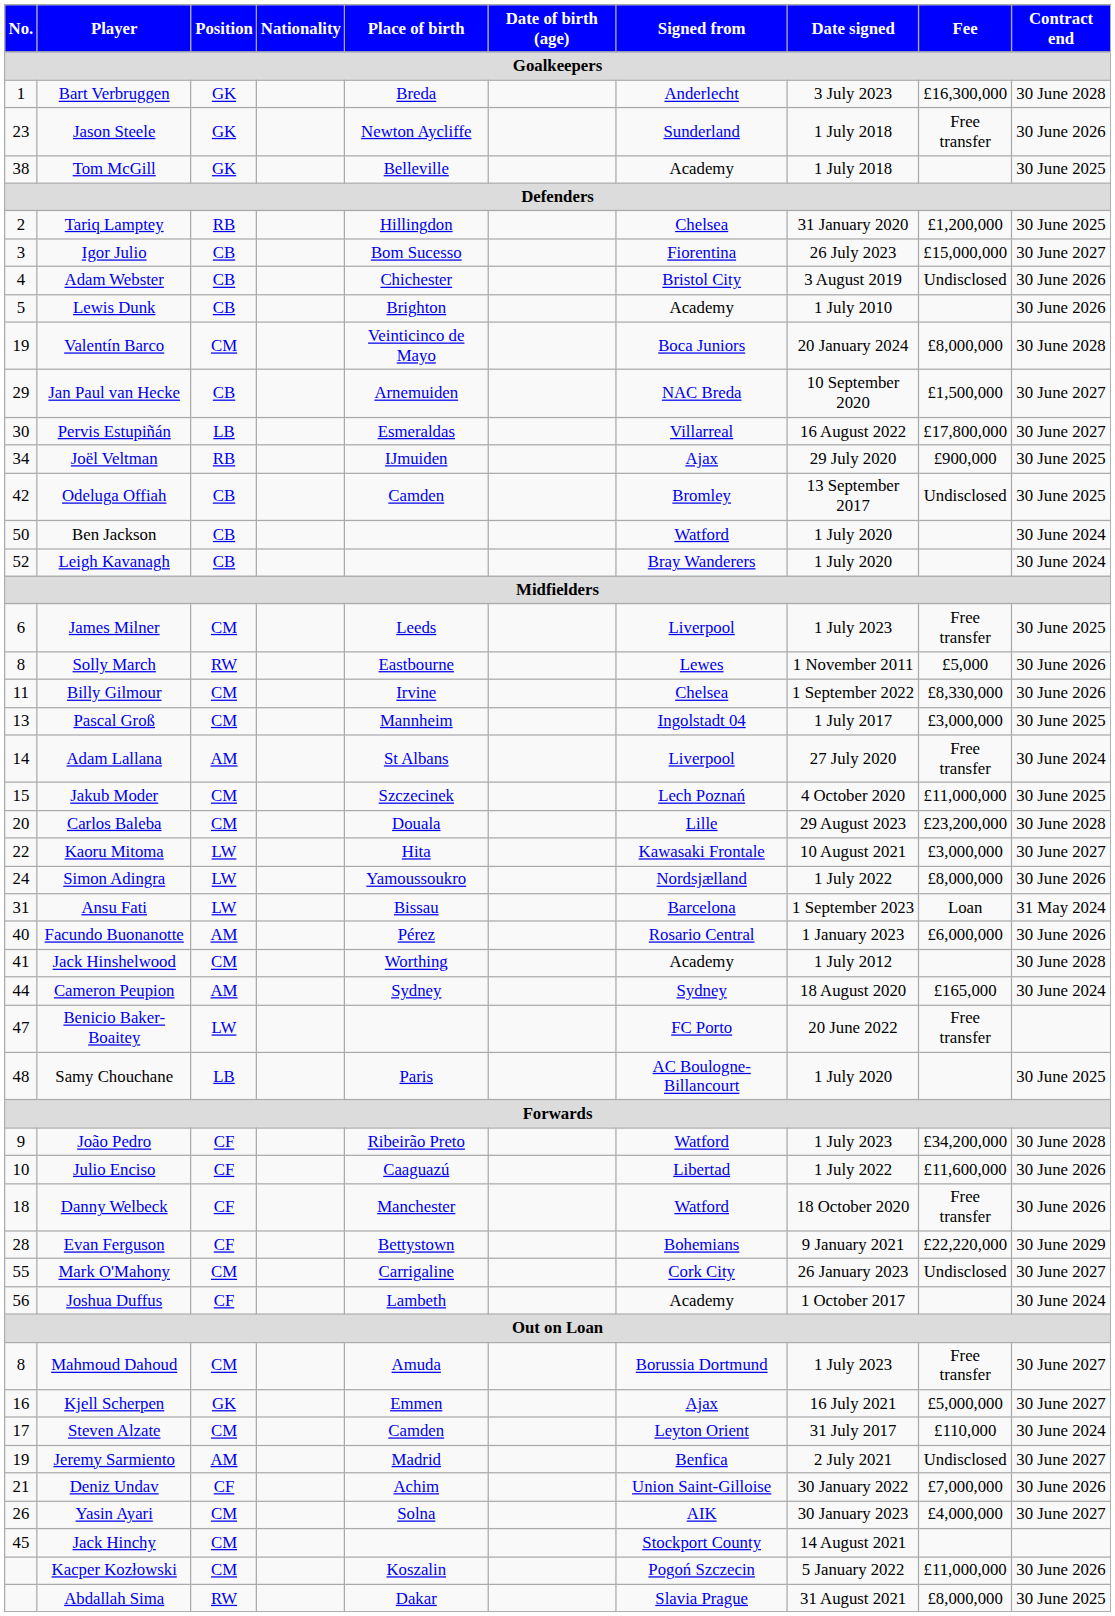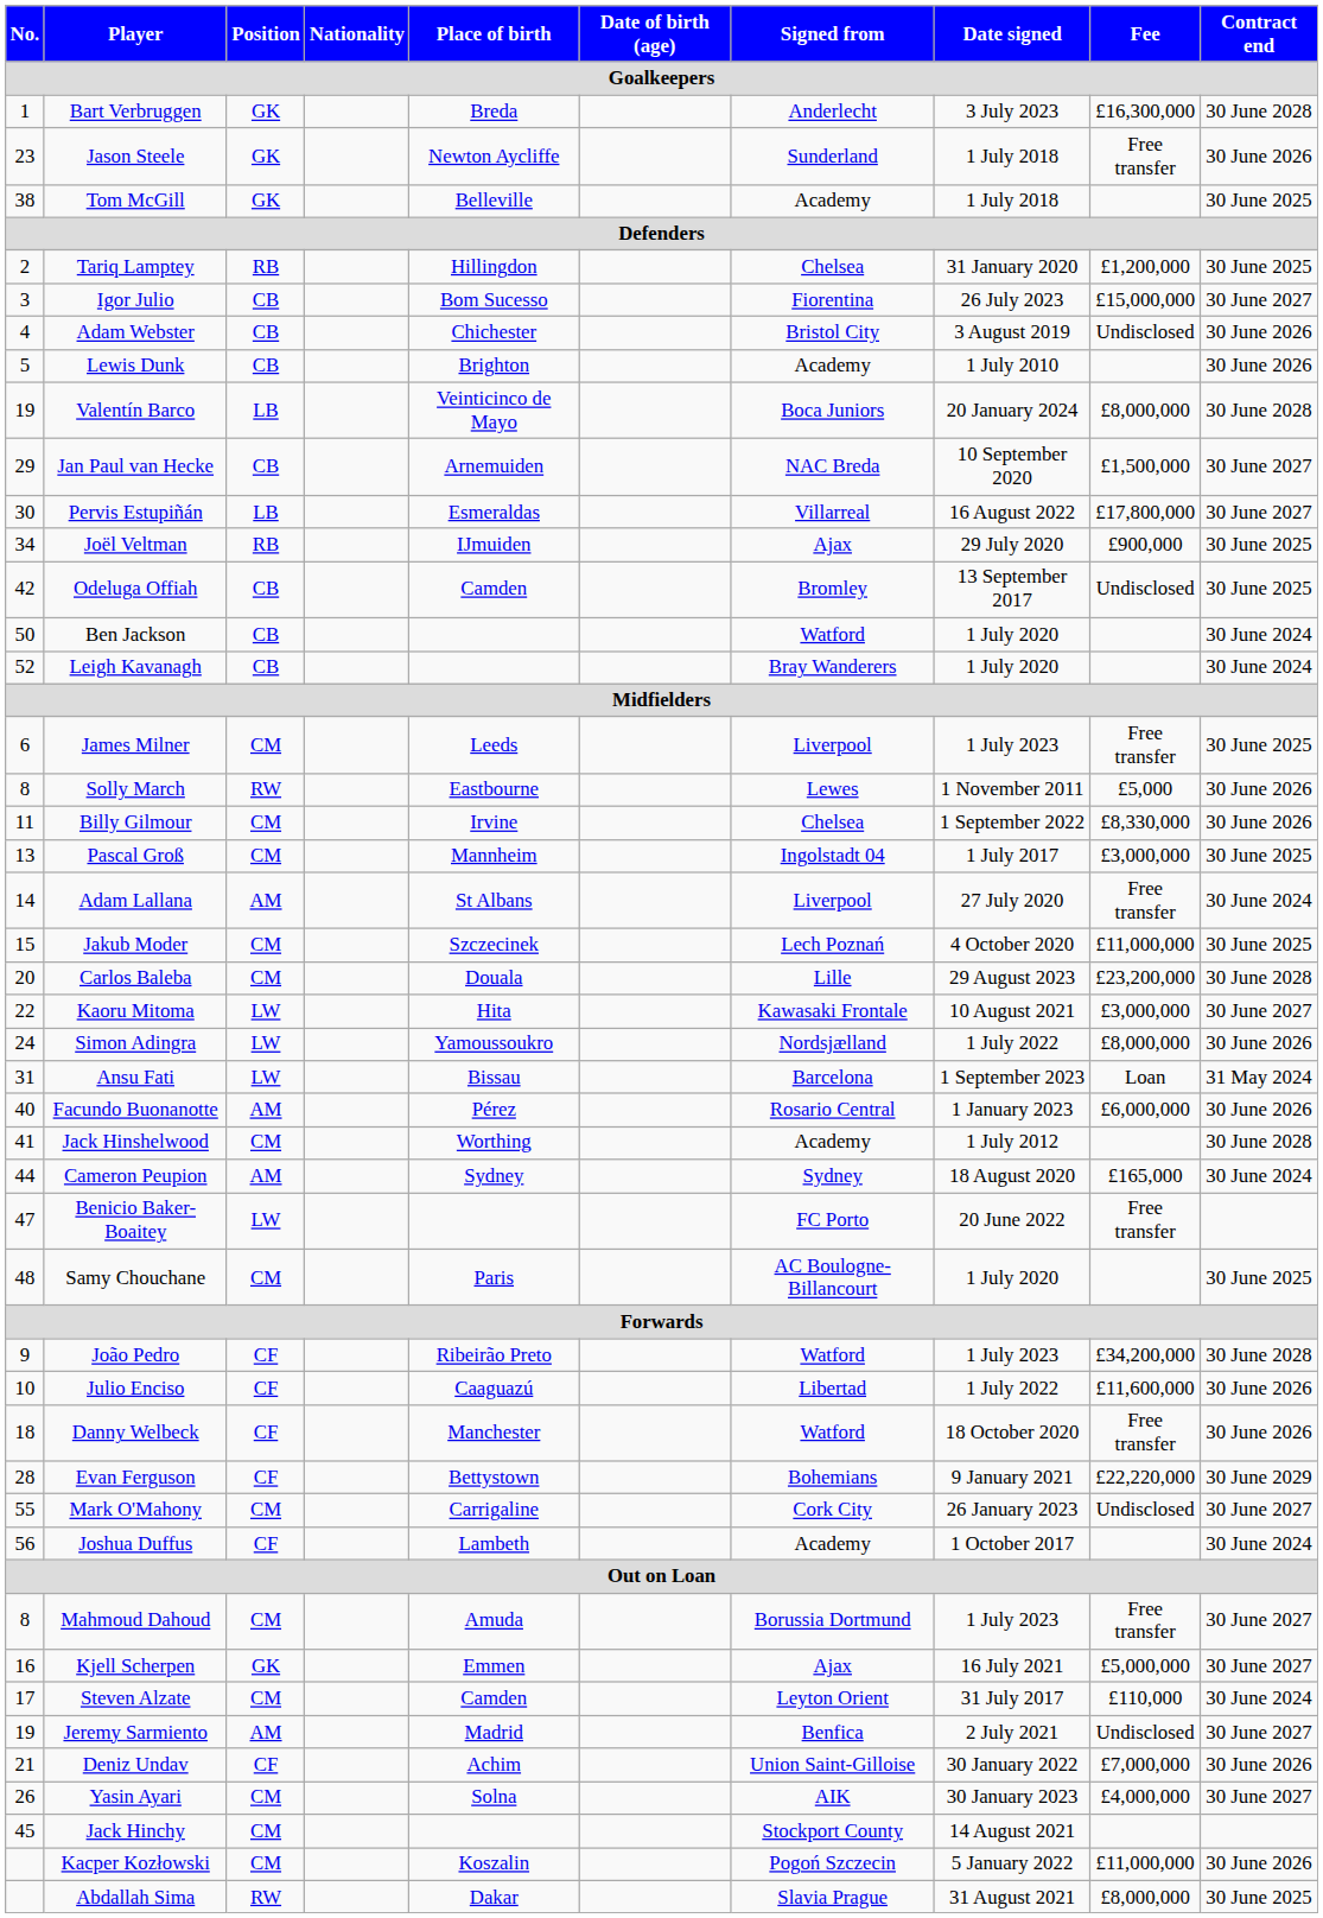 <table class="wikitable" style="text-align:center; font-size:84.5%; width:101%;">
 <tr>
 <th style="color:white; background:#00f; text-align:center;">No.</th>
 <th style="color:white; background:#00f; text-align:center;">Player</th>
 <th style="color:white; background:#00f; text-align:center;">Position</th>
 <th style="color:white; background:#00f; text-align:center;">Nationality</th>
 <th style="color:white; background:#00f; text-align:center;">Place of birth</th>
 <th style="color:white; background:#00f; text-align:center;">Date of birth (age)</th>
 <th style="color:white; background:#00f; text-align:center;">Signed from</th>
 <th style="color:white; background:#00f; text-align:center;">Date signed</th>
 <th style="color:white; background:#00f; text-align:center;">Fee</th>
 <th style="color:white; background:#00f; text-align:center;">Contract end</th>
 </tr>
 <tr>
 <th colspan="14" style="background:#dcdcdc; tepxt-align:center;">Goalkeepers</th>
 </tr>
 <tr>
 <td>1</td>
 <td><a href='#'>Bart Verbruggen</a></td>
 <td><a href='#'>GK</a></td>
 <td></td>
 <td><a href='#'>Breda</a></td>
 <td></td>
 <td> <a href='#'>Anderlecht</a></td>
 <td>3 July 2023</td>
 <td>£16,300,000</td>
 <td>30 June 2028</td>
 </tr>
 <tr>
 <td>23</td>
 <td><a href='#'>Jason Steele</a></td>
 <td><a href='#'>GK</a></td>
 <td></td>
 <td><a href='#'>Newton Aycliffe</a></td>
 <td></td>
 <td><a href='#'>Sunderland</a></td>
 <td>1 July 2018</td>
 <td>Free transfer</td>
 <td>30 June 2026</td>
 </tr>
 <tr>
 <td>38</td>
 <td><a href='#'>Tom McGill</a></td>
 <td><a href='#'>GK</a></td>
 <td></td>
 <td><a href='#'>Belleville</a></td>
 <td></td>
 <td>Academy</td>
 <td>1 July 2018</td>
 <td></td>
 <td>30 June 2025</td>
 </tr>
 <tr>
 <th colspan="14" style="background:#dcdcdc; tepxt-align:center;">Defenders</th>
 </tr>
 <tr>
 <td>2</td>
 <td><a href='#'>Tariq Lamptey</a></td>
 <td><a href='#'>RB</a></td>
 <td></td>
 <td><a href='#'>Hillingdon</a></td>
 <td></td>
 <td><a href='#'>Chelsea</a></td>
 <td>31 January 2020</td>
 <td>£1,200,000</td>
 <td>30 June 2025</td>
 </tr>
 <tr>
 <td>3</td>
 <td><a href='#'>Igor Julio</a></td>
 <td><a href='#'>CB</a></td>
 <td></td>
 <td><a href='#'>Bom Sucesso</a></td>
 <td></td>
 <td> <a href='#'>Fiorentina</a></td>
 <td>26 July 2023</td>
 <td>£15,000,000</td>
 <td>30 June 2027</td>
 </tr>
 <tr>
 <td>4</td>
 <td><a href='#'>Adam Webster</a></td>
 <td><a href='#'>CB</a></td>
 <td></td>
 <td><a href='#'>Chichester</a></td>
 <td></td>
 <td><a href='#'>Bristol City</a></td>
 <td>3 August 2019</td>
 <td>Undisclosed</td>
 <td>30 June 2026</td>
 </tr>
 <tr>
 <td>5</td>
 <td><a href='#'>Lewis Dunk</a></td>
 <td><a href='#'>CB</a></td>
 <td></td>
 <td><a href='#'>Brighton</a></td>
 <td></td>
 <td>Academy</td>
 <td>1 July 2010</td>
 <td></td>
 <td>30 June 2026</td>
 </tr>
 <tr>
 <td>19</td>
 <td><a href='#'>Valentín Barco</a></td>
-<td><a href='#'>CM</a></td>
+<td><a href='#'>LB</a></td>
 <td></td>
 <td><a href='#'>Veinticinco de Mayo</a></td>
 <td></td>
 <td> <a href='#'>Boca Juniors</a></td>
 <td>20 January 2024</td>
 <td>£8,000,000</td>
 <td>30 June 2028</td>
 </tr>
 <tr>
 <td>29</td>
 <td><a href='#'>Jan Paul van Hecke</a></td>
 <td><a href='#'>CB</a></td>
 <td></td>
 <td><a href='#'>Arnemuiden</a></td>
 <td></td>
 <td> <a href='#'>NAC Breda</a></td>
 <td>10 September 2020</td>
 <td>£1,500,000</td>
 <td>30 June 2027</td>
 </tr>
 <tr>
 <td>30</td>
 <td><a href='#'>Pervis Estupiñán</a></td>
 <td><a href='#'>LB</a></td>
 <td></td>
 <td><a href='#'>Esmeraldas</a></td>
 <td></td>
 <td> <a href='#'>Villarreal</a></td>
 <td>16 August 2022</td>
 <td>£17,800,000</td>
 <td>30 June 2027</td>
 </tr>
 <tr>
 <td>34</td>
 <td><a href='#'>Joël Veltman</a></td>
 <td><a href='#'>RB</a></td>
 <td></td>
 <td><a href='#'>IJmuiden</a></td>
 <td></td>
 <td> <a href='#'>Ajax</a></td>
 <td>29 July 2020</td>
 <td>£900,000</td>
 <td>30 June 2025</td>
 </tr>
 <tr>
 <td>42</td>
 <td><a href='#'>Odeluga Offiah</a></td>
 <td><a href='#'>CB</a></td>
 <td></td>
 <td><a href='#'>Camden</a></td>
 <td></td>
 <td> <a href='#'>Bromley</a></td>
 <td>13 September 2017</td>
 <td>Undisclosed</td>
 <td>30 June 2025</td>
 </tr>
 <tr>
 <td>50</td>
 <td>Ben Jackson</td>
 <td><a href='#'>CB</a></td>
 <td></td>
 <td></td>
 <td></td>
 <td> <a href='#'>Watford</a></td>
 <td>1 July 2020</td>
 <td></td>
 <td>30 June 2024</td>
 </tr>
 <tr>
 <td>52</td>
 <td><a href='#'>Leigh Kavanagh</a></td>
 <td><a href='#'>CB</a></td>
 <td></td>
 <td></td>
 <td></td>
 <td> <a href='#'>Bray Wanderers</a></td>
 <td>1 July 2020</td>
 <td></td>
 <td>30 June 2024</td>
 </tr>
 <tr>
 <th colspan="14" style="background:#dcdcdc; tepxt-align:center;">Midfielders</th>
 </tr>
 <tr>
 <td>6</td>
 <td><a href='#'>James Milner</a></td>
 <td><a href='#'>CM</a></td>
 <td></td>
 <td><a href='#'>Leeds</a></td>
 <td></td>
 <td><a href='#'>Liverpool</a></td>
 <td>1 July 2023</td>
 <td>Free transfer</td>
 <td>30 June 2025</td>
 </tr>
 <tr>
 <td>8</td>
 <td><a href='#'>Solly March</a></td>
 <td><a href='#'>RW</a></td>
 <td></td>
 <td><a href='#'>Eastbourne</a></td>
 <td></td>
 <td><a href='#'>Lewes</a></td>
 <td>1 November 2011</td>
 <td>£5,000</td>
 <td>30 June 2026</td>
 </tr>
 <tr>
 <td>11</td>
 <td><a href='#'>Billy Gilmour</a></td>
 <td><a href='#'>CM</a></td>
 <td></td>
 <td><a href='#'>Irvine</a></td>
 <td></td>
 <td><a href='#'>Chelsea</a></td>
 <td>1 September 2022</td>
 <td>£8,330,000</td>
 <td>30 June 2026</td>
 </tr>
 <tr>
 <td>13</td>
 <td><a href='#'>Pascal Groß</a></td>
 <td><a href='#'>CM</a></td>
 <td></td>
 <td><a href='#'>Mannheim</a></td>
 <td></td>
 <td> <a href='#'>Ingolstadt 04</a></td>
 <td>1 July 2017</td>
 <td>£3,000,000</td>
 <td>30 June 2025</td>
 </tr>
 <tr>
 <td>14</td>
 <td><a href='#'>Adam Lallana</a></td>
 <td><a href='#'>AM</a></td>
 <td></td>
 <td><a href='#'>St Albans</a></td>
 <td></td>
 <td><a href='#'>Liverpool</a></td>
 <td>27 July 2020</td>
 <td>Free transfer</td>
 <td>30 June 2024</td>
 </tr>
 <tr>
 <td>15</td>
 <td><a href='#'>Jakub Moder</a></td>
 <td><a href='#'>CM</a></td>
 <td></td>
 <td><a href='#'>Szczecinek</a></td>
 <td></td>
 <td> <a href='#'>Lech Poznań</a></td>
 <td>4 October 2020</td>
 <td>£11,000,000</td>
 <td>30 June 2025</td>
 </tr>
 <tr>
 <td>20</td>
 <td><a href='#'>Carlos Baleba</a></td>
 <td><a href='#'>CM</a></td>
 <td></td>
 <td><a href='#'>Douala</a></td>
 <td></td>
 <td> <a href='#'>Lille</a></td>
 <td>29 August 2023</td>
 <td>£23,200,000</td>
 <td>30 June 2028</td>
 </tr>
 <tr>
 <td>22</td>
 <td><a href='#'>Kaoru Mitoma</a></td>
 <td><a href='#'>LW</a></td>
 <td></td>
 <td><a href='#'>Hita</a></td>
 <td></td>
 <td> <a href='#'>Kawasaki Frontale</a></td>
 <td>10 August 2021</td>
 <td>£3,000,000</td>
 <td>30 June 2027</td>
 </tr>
 <tr>
 <td>24</td>
 <td><a href='#'>Simon Adingra</a></td>
 <td><a href='#'>LW</a></td>
 <td></td>
 <td><a href='#'>Yamoussoukro</a></td>
 <td></td>
 <td> <a href='#'>Nordsjælland</a></td>
 <td>1 July 2022</td>
 <td>£8,000,000</td>
 <td>30 June 2026</td>
 </tr>
 <tr>
 <td>31</td>
 <td><a href='#'>Ansu Fati</a></td>
 <td><a href='#'>LW</a></td>
 <td></td>
 <td><a href='#'>Bissau</a></td>
 <td></td>
 <td> <a href='#'>Barcelona</a></td>
 <td>1 September 2023</td>
 <td>Loan</td>
 <td>31 May 2024</td>
 </tr>
 <tr>
 <td>40</td>
 <td><a href='#'>Facundo Buonanotte</a></td>
 <td><a href='#'>AM</a></td>
 <td></td>
 <td><a href='#'>Pérez</a></td>
 <td></td>
 <td> <a href='#'>Rosario Central</a></td>
 <td>1 January 2023</td>
 <td>£6,000,000</td>
 <td>30 June 2026</td>
 </tr>
 <tr>
 <td>41</td>
 <td><a href='#'>Jack Hinshelwood</a></td>
 <td><a href='#'>CM</a></td>
 <td></td>
 <td><a href='#'>Worthing</a></td>
 <td></td>
 <td> Academy</td>
 <td>1 July 2012</td>
 <td></td>
 <td>30 June 2028</td>
 </tr>
 <tr>
 <td>44</td>
 <td><a href='#'>Cameron Peupion</a></td>
 <td><a href='#'>AM</a></td>
 <td></td>
 <td><a href='#'>Sydney</a></td>
 <td></td>
 <td> <a href='#'>Sydney</a></td>
 <td>18 August 2020</td>
 <td>£165,000</td>
 <td>30 June 2024</td>
 </tr>
 <tr>
 <td>47</td>
 <td><a href='#'>Benicio Baker-Boaitey</a></td>
 <td><a href='#'>LW</a></td>
 <td></td>
 <td></td>
 <td></td>
 <td> <a href='#'>FC Porto</a></td>
 <td>20 June 2022</td>
 <td>Free transfer</td>
 <td></td>
 </tr>
 <tr>
 <td>48</td>
 <td>Samy Chouchane</td>
-<td><a href='#'>LB</a></td>
+<td><a href='#'>CM</a></td>
 <td></td>
 <td><a href='#'>Paris</a></td>
 <td></td>
 <td> <a href='#'>AC Boulogne-Billancourt</a></td>
 <td>1 July 2020</td>
 <td></td>
 <td>30 June 2025</td>
 </tr>
 <tr>
 <th colspan="14" style="background:#dcdcdc; tepxt-align:center;">Forwards</th>
 </tr>
 <tr>
 <td>9</td>
 <td><a href='#'>João Pedro</a></td>
 <td><a href='#'>CF</a></td>
 <td></td>
 <td><a href='#'>Ribeirão Preto</a></td>
 <td></td>
 <td><a href='#'>Watford</a></td>
 <td>1 July 2023</td>
 <td>£34,200,000</td>
 <td>30 June 2028</td>
 </tr>
 <tr>
 <td>10</td>
 <td><a href='#'>Julio Enciso</a></td>
 <td><a href='#'>CF</a></td>
 <td></td>
 <td><a href='#'>Caaguazú</a></td>
 <td></td>
 <td> <a href='#'>Libertad</a></td>
 <td>1 July 2022</td>
 <td>£11,600,000</td>
 <td>30 June 2026</td>
 </tr>
 <tr>
 <td>18</td>
 <td><a href='#'>Danny Welbeck</a></td>
 <td><a href='#'>CF</a></td>
 <td></td>
 <td><a href='#'>Manchester</a></td>
 <td></td>
 <td><a href='#'>Watford</a></td>
 <td>18 October 2020</td>
 <td>Free transfer</td>
 <td>30 June 2026</td>
 </tr>
 <tr>
 <td>28</td>
 <td><a href='#'>Evan Ferguson</a></td>
 <td><a href='#'>CF</a></td>
 <td></td>
 <td><a href='#'>Bettystown</a></td>
 <td></td>
 <td> <a href='#'>Bohemians</a></td>
 <td>9 January 2021</td>
 <td>£22,220,000</td>
 <td>30 June 2029</td>
 </tr>
 <tr>
 <td>55</td>
 <td><a href='#'>Mark O'Mahony</a></td>
 <td><a href='#'>CM</a></td>
 <td></td>
 <td><a href='#'>Carrigaline</a></td>
 <td></td>
 <td> <a href='#'>Cork City</a></td>
 <td>26 January 2023</td>
 <td>Undisclosed</td>
 <td>30 June 2027</td>
 </tr>
 <tr>
 <td>56</td>
 <td><a href='#'>Joshua Duffus</a></td>
 <td><a href='#'>CF</a></td>
 <td></td>
 <td><a href='#'>Lambeth</a></td>
 <td></td>
 <td> Academy</td>
 <td>1 October 2017</td>
 <td></td>
 <td>30 June 2024</td>
 </tr>
 <tr>
 <th colspan="14" style="background:#dcdcdc; tepxt-align:center;">Out on Loan</th>
 </tr>
 <tr>
 <td>8</td>
 <td><a href='#'>Mahmoud Dahoud</a></td>
 <td><a href='#'>CM</a></td>
 <td></td>
 <td><a href='#'>Amuda</a></td>
 <td></td>
 <td> <a href='#'>Borussia Dortmund</a></td>
 <td>1 July 2023</td>
 <td>Free transfer</td>
 <td>30 June 2027</td>
 </tr>
 <tr>
 <td>16</td>
 <td><a href='#'>Kjell Scherpen</a></td>
 <td><a href='#'>GK</a></td>
 <td></td>
 <td><a href='#'>Emmen</a></td>
 <td></td>
 <td> <a href='#'>Ajax</a></td>
 <td>16 July 2021</td>
 <td>£5,000,000</td>
 <td>30 June 2027</td>
 </tr>
 <tr>
 <td>17</td>
 <td><a href='#'>Steven Alzate</a></td>
 <td><a href='#'>CM</a></td>
 <td></td>
 <td><a href='#'>Camden</a></td>
 <td></td>
 <td><a href='#'>Leyton Orient</a></td>
 <td>31 July 2017</td>
 <td>£110,000</td>
 <td>30 June 2024</td>
 </tr>
 <tr>
 <td>19</td>
 <td><a href='#'>Jeremy Sarmiento</a></td>
 <td><a href='#'>AM</a></td>
 <td></td>
 <td><a href='#'>Madrid</a></td>
 <td></td>
 <td> <a href='#'>Benfica</a></td>
 <td>2 July 2021</td>
 <td>Undisclosed</td>
 <td>30 June 2027</td>
 </tr>
 <tr>
 <td>21</td>
 <td><a href='#'>Deniz Undav</a></td>
 <td><a href='#'>CF</a></td>
 <td></td>
 <td><a href='#'>Achim</a></td>
 <td></td>
 <td> <a href='#'>Union Saint-Gilloise</a></td>
 <td>30 January 2022</td>
 <td>£7,000,000</td>
 <td>30 June 2026</td>
 </tr>
 <tr>
 <td>26</td>
 <td><a href='#'>Yasin Ayari</a></td>
 <td><a href='#'>CM</a></td>
 <td></td>
 <td><a href='#'>Solna</a></td>
 <td></td>
 <td> <a href='#'>AIK</a></td>
 <td>30 January 2023</td>
 <td>£4,000,000</td>
 <td>30 June 2027</td>
 </tr>
 <tr>
 <td>45</td>
 <td><a href='#'>Jack Hinchy</a></td>
 <td><a href='#'>CM</a></td>
 <td></td>
 <td></td>
 <td></td>
 <td> <a href='#'>Stockport County</a></td>
 <td>14 August 2021</td>
 <td></td>
 <td></td>
 </tr>
 <tr>
 <td></td>
 <td><a href='#'>Kacper Kozłowski</a></td>
 <td><a href='#'>CM</a></td>
 <td></td>
 <td><a href='#'>Koszalin</a></td>
 <td></td>
 <td> <a href='#'>Pogoń Szczecin</a></td>
 <td>5 January 2022</td>
 <td>£11,000,000</td>
 <td>30 June 2026</td>
 </tr>
 <tr>
 <td></td>
 <td><a href='#'>Abdallah Sima</a></td>
 <td><a href='#'>RW</a></td>
 <td></td>
 <td><a href='#'>Dakar</a></td>
 <td></td>
 <td> <a href='#'>Slavia Prague</a></td>
 <td>31 August 2021</td>
 <td>£8,000,000</td>
 <td>30 June 2025</td>
 </tr>
 </table>
